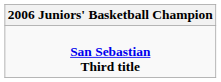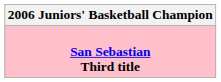 <table class=wikitable style="text-align:center; margin:auto">
 <tr>
 <th>2006 Juniors' Basketball Champion</th>
 </tr>
 <tr>
-<td> <br> <strong><a href='#'>San Sebastian</a></strong> <br> <strong>Third title</strong></td>
+<td style="background: pink;"> <br> <strong><a href='#'>San Sebastian</a></strong> <br> <strong>Third title</strong></td>
 </tr>
 </table>
